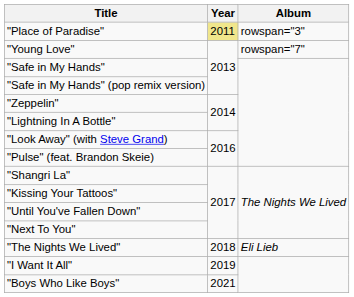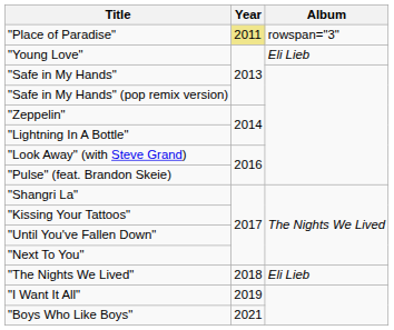 <table class="wikitable">
 <tr>
 <th>Title</th>
 <th>Year</th>
 <th>Album</th>
 </tr>
 <tr>
 <td>"Place of Paradise"</td>
 <td style="background: khaki;">2011</td>
 <td>rowspan="3"  </td>
 </tr>
 <tr>
 <td>"Young Love"</td>
 <td rowspan="3">2013</td>
-<td>rowspan="7"  </td>
+<td><em>Eli Lieb</em></td>
 </tr>
 <tr>
 <td>"Safe in My Hands"</td>
 </tr>
 <tr>
 <td>"Safe in My Hands" (pop remix version)</td>
 </tr>
 <tr>
 <td>"Zeppelin"</td>
 <td rowspan="2">2014</td>
 </tr>
 <tr>
 <td>"Lightning In A Bottle"</td>
 </tr>
 <tr>
 <td>"Look Away" (with <a href='#'>Steve Grand</a>)</td>
 <td rowspan="2">2016</td>
 </tr>
 <tr>
 <td>"Pulse" (feat. Brandon Skeie)</td>
 </tr>
 <tr>
 <td>"Shangri La"</td>
 <td rowspan="4">2017</td>
 <td rowspan="4"><em>The Nights We Lived</em></td>
 </tr>
 <tr>
 <td>"Kissing Your Tattoos"</td>
 </tr>
 <tr>
 <td>"Until You've Fallen Down"</td>
 </tr>
 <tr>
 <td>"Next To You"</td>
 </tr>
 <tr>
 <td>"The Nights We Lived"</td>
 <td>2018</td>
 <td><em>Eli Lieb</em></td>
 </tr>
 <tr>
 <td>"I Want It All"</td>
 <td>2019</td>
 </tr>
 <tr>
 <td>"Boys Who Like Boys"</td>
 <td>2021</td>
 </tr>
 </table>
